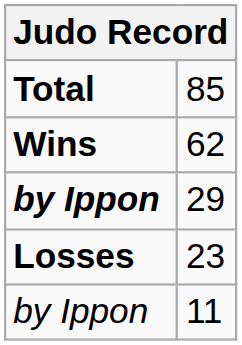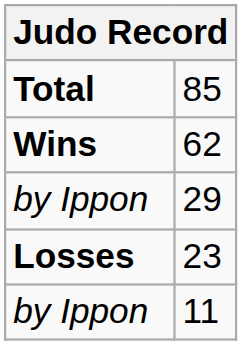 <table class="wikitable">
 <tr>
 <th colspan="2">Judo Record</th>
 </tr>
 <tr>
 <td><strong>Total</strong></td>
 <td>85</td>
 </tr>
 <tr>
 <td><strong>Wins</strong></td>
 <td>62</td>
 </tr>
 <tr>
-<td><strong><em>by Ippon</em></strong></td>
+<td><em>by Ippon</em></td>
 <td>29</td>
 </tr>
 <tr>
 <td><strong>Losses</strong></td>
 <td>23</td>
 </tr>
 <tr>
 <td><em>by Ippon</em></td>
 <td>11</td>
 </tr>
 </table>
